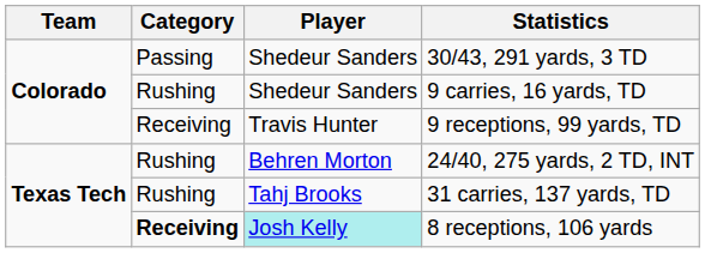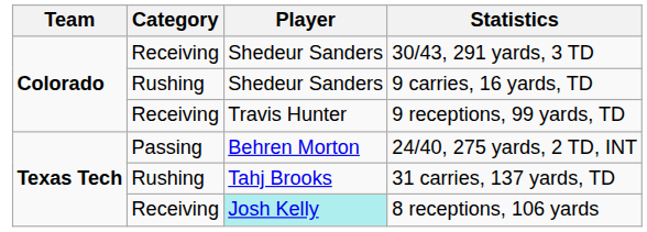 <table class="wikitable" style="float: right;">
 <tr>
 <th>Team</th>
 <th>Category</th>
 <th>Player</th>
 <th>Statistics</th>
 </tr>
 <tr>
 <td rowspan=3><strong>Colorado</strong></td>
-<td>Passing</td>
+<td>Receiving</td>
 <td>Shedeur Sanders</td>
 <td>30/43, 291 yards, 3 TD</td>
 </tr>
 <tr>
 <td>Rushing</td>
 <td>Shedeur Sanders</td>
 <td>9 carries, 16 yards, TD</td>
 </tr>
 <tr>
 <td>Receiving</td>
 <td>Travis Hunter</td>
 <td>9 receptions, 99 yards, TD</td>
 </tr>
 <tr>
 <td rowspan=3><strong>Texas Tech</strong></td>
-<td>Rushing</td>
+<td>Passing</td>
 <td><a href='#'>Behren Morton</a></td>
 <td>24/40, 275 yards, 2 TD, INT</td>
 </tr>
 <tr>
 <td>Rushing</td>
 <td><a href='#'>Tahj Brooks</a></td>
 <td>31 carries, 137 yards, TD</td>
 </tr>
 <tr>
-<td><strong>Receiving</strong></td>
+<td>Receiving</td>
 <td style="background: paleturquoise;"><a href='#'>Josh Kelly</a></td>
 <td>8 receptions, 106 yards</td>
 </tr>
 </table>
